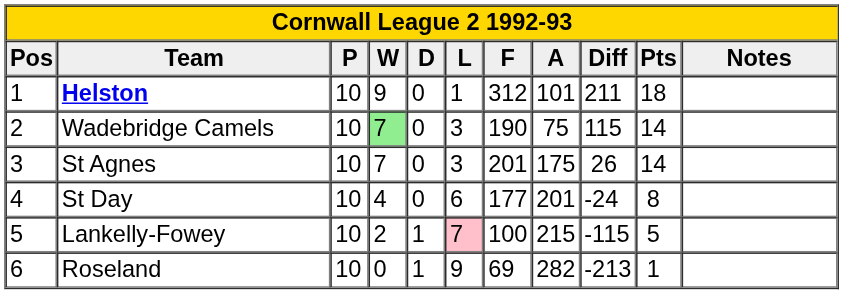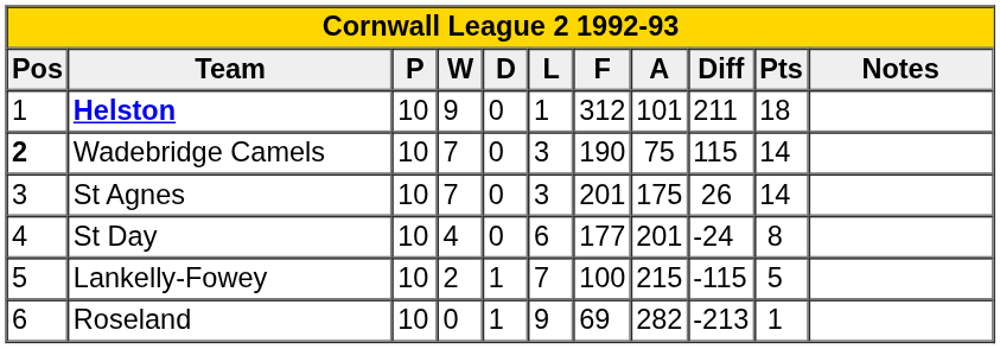 <table border="1" cellpadding="2" cellspacing="0">
 <tr bgcolor="gold">
 <th colspan=11 style="border-right:0px;";>Cornwall  League 2  1992-93</th>
 </tr>
 <tr bgcolor="#efefef">
 <th width="20">Pos</th>
 <th width="180">Team</th>
 <th width="20">P</th>
 <th width="20">W</th>
 <th width="20">D</th>
 <th width="20">L</th>
 <th width="20">F</th>
 <th width="20">A</th>
 <th width="20">Diff</th>
 <th width="20">Pts</th>
 <th width="100">Notes</th>
 </tr>
 <tr>
 <td>1</td>
 <td><strong><a href='#'>Helston</a></strong></td>
 <td>10</td>
 <td>9</td>
 <td>0</td>
 <td>1</td>
 <td>312</td>
 <td>101</td>
 <td>211</td>
 <td>18</td>
 <td></td>
 </tr>
 <tr>
-<td>2</td>
+<td><strong>2</strong></td>
 <td>Wadebridge Camels</td>
 <td>10</td>
-<td style="background: lightgreen;">7</td>
+<td>7</td>
 <td>0</td>
 <td>3</td>
 <td>190</td>
 <td> 75</td>
 <td>115</td>
 <td>14</td>
 <td></td>
 </tr>
 <tr>
 <td>3</td>
 <td>St Agnes</td>
 <td>10</td>
 <td>7</td>
 <td>0</td>
 <td>3</td>
 <td>201</td>
 <td>175</td>
 <td> 26</td>
 <td>14</td>
 <td></td>
 </tr>
 <tr>
 <td>4</td>
 <td>St Day</td>
 <td>10</td>
 <td>4</td>
 <td>0</td>
 <td>6</td>
 <td>177</td>
 <td>201</td>
 <td>-24</td>
 <td> 8</td>
 <td></td>
 </tr>
 <tr>
 <td>5</td>
 <td>Lankelly-Fowey</td>
 <td>10</td>
 <td>2</td>
 <td>1</td>
-<td style="background: pink;">7</td>
+<td>7</td>
 <td>100</td>
 <td>215</td>
 <td>-115</td>
 <td> 5</td>
 <td></td>
 </tr>
 <tr>
 <td>6</td>
 <td>Roseland</td>
 <td>10</td>
 <td>0</td>
 <td>1</td>
 <td>9</td>
 <td>69</td>
 <td>282</td>
 <td>-213</td>
 <td> 1</td>
 <td></td>
 </tr>
 </table>
